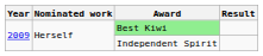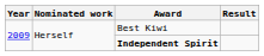 <table class="wikitable">
 <tr>
 <th>Year</th>
 <th>Nominated work</th>
 <th>Award</th>
 <th>Result</th>
 </tr>
 <tr>
 <td rowspan="2"><a href='#'>2009</a></td>
 <td rowspan="2">Herself</td>
-<td style="background: lightgreen;">Best Kiwi</td>
+<td>Best Kiwi</td>
 <td></td>
 </tr>
 <tr>
-<td>Independent Spirit</td>
+<td><strong>Independent Spirit</strong></td>
 <td></td>
 </tr>
 </table>
